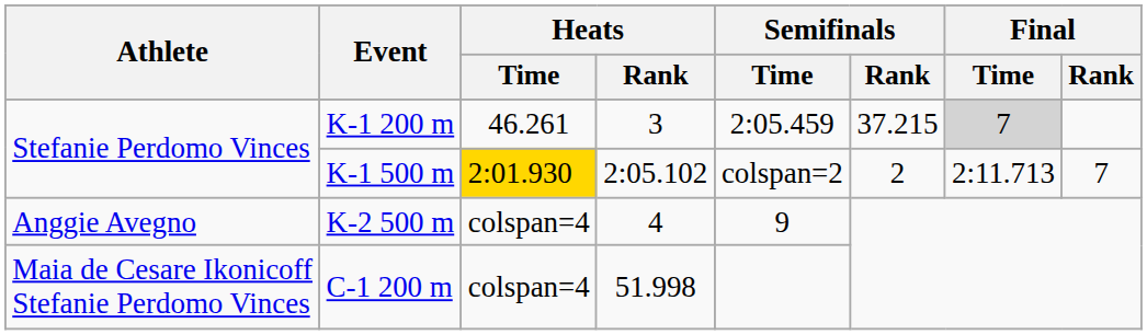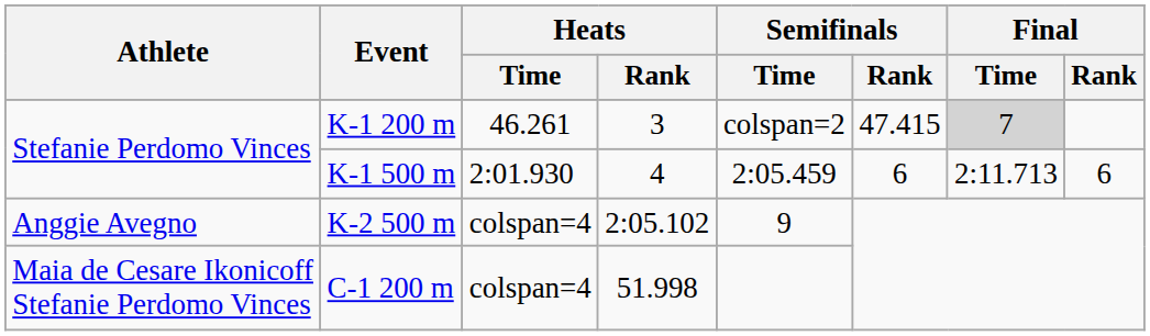 <table class=wikitable style="font-size:90%;">
 <tr>
 <th rowspan="2">Athlete</th>
 <th rowspan="2">Event</th>
 <th colspan=2>Heats</th>
 <th colspan=2>Semifinals</th>
 <th colspan=2>Final</th>
 </tr>
 <tr style="font-size:95%">
 <th>Time</th>
 <th>Rank</th>
 <th>Time</th>
 <th>Rank</th>
 <th>Time</th>
 <th>Rank</th>
 </tr>
 <tr align=center>
 <td align=left rowspan=2><a href='#'>Stefanie Perdomo Vinces</a></td>
 <td align=left><a href='#'>K-1 200 m</a></td>
 <td>46.261</td>
 <td>3</td>
-<td>2:05.459</td>
-<td>37.215</td>
+<td>colspan=2 </td>
+<td>47.415</td>
 <td style="background: lightgrey;">7</td>
 </tr>
 <tr align=center>
 <td align=left><a href='#'>K-1 500 m</a></td>
-<td align=left style="background: gold;">2:01.930</td>
-<td>2:05.102</td>
-<td>colspan=2 </td>
-<td>2</td>
+<td align=left>2:01.930</td>
+<td>4</td>
+<td>2:05.459</td>
+<td>6</td>
 <td>2:11.713</td>
-<td>7</td>
+<td>6</td>
 </tr>
 <tr align=center>
 <td align=left><a href='#'>Anggie Avegno</a></td>
 <td align=left><a href='#'>K-2 500 m</a></td>
 <td>colspan=4 </td>
-<td>4</td>
+<td>2:05.102</td>
 <td>9</td>
 </tr>
 <tr align=center>
 <td align=left><a href='#'>Maia de Cesare Ikonicoff</a><br><a href='#'>Stefanie Perdomo Vinces</a></td>
 <td align=left><a href='#'>C-1 200 m</a></td>
 <td>colspan=4 </td>
 <td>51.998</td>
 <td></td>
 </tr>
 </table>
